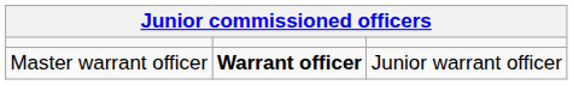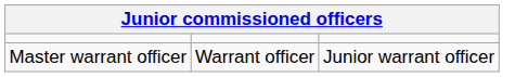 <table class="wikitable plainrowheaders" style="text-align:center;" border="1">
 <tr>
 <th colspan=3><a href='#'>Junior commissioned officers</a></th>
 </tr>
 <tr style="text-align:center;">
 <td></td>
 <td></td>
 <td></td>
 </tr>
 <tr style="text-align:center;">
 <td>Master warrant officer</td>
-<td><strong>Warrant officer</strong></td>
+<td>Warrant officer</td>
 <td>Junior warrant officer</td>
 </tr>
 </table>
